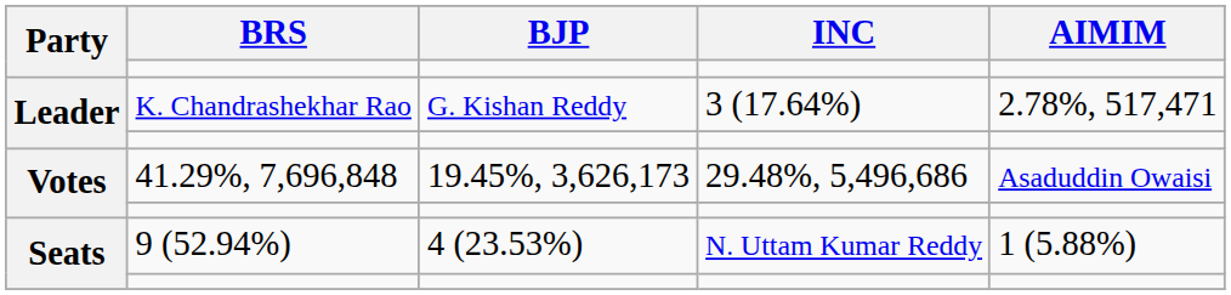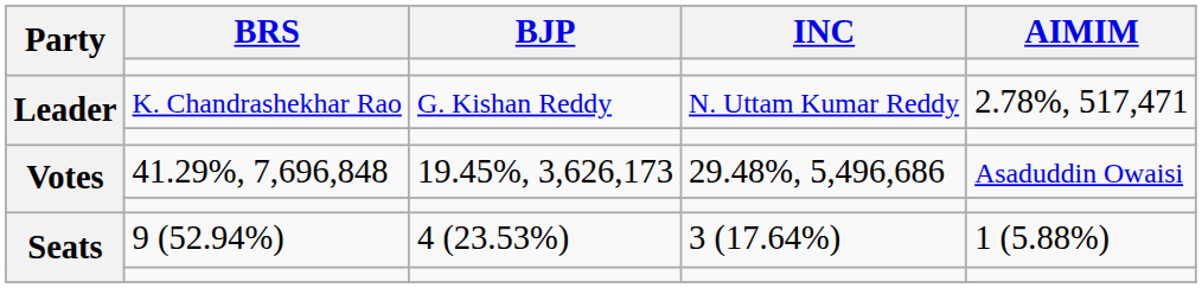 <table class="wikitable">
 <tr>
 <th rowspan="2">Party</th>
 <th><a href='#'>BRS</a></th>
 <th><a href='#'>BJP</a></th>
 <th><a href='#'>INC</a></th>
 <th><a href='#'>AIMIM</a></th>
 </tr>
 <tr>
 <td style="background-color:"></td>
 <td style="background-color:"></td>
 <td style="background-color:"></td>
 <td style="background-color:"></td>
 </tr>
 <tr>
 <th rowspan="2">Leader</th>
 <td><small><a href='#'>K. Chandrashekhar Rao</a></small></td>
 <td><small><a href='#'>G. Kishan Reddy</a></small></td>
-<td>3 (17.64%)</td>
+<td><small><a href='#'>N. Uttam Kumar Reddy</a></small></td>
 <td>2.78%, 517,471</td>
 </tr>
 <tr>
 <td></td>
 <td></td>
 <td></td>
 <td></td>
 </tr>
 <tr>
 <th rowspan="2">Votes</th>
 <td>41.29%, 7,696,848</td>
 <td>19.45%, 3,626,173</td>
 <td>29.48%, 5,496,686</td>
 <td><small><a href='#'>Asaduddin Owaisi</a></small></td>
 </tr>
 <tr>
 <td></td>
 <td></td>
 <td></td>
 <td></td>
 </tr>
 <tr>
 <th rowspan="2">Seats</th>
 <td>9 (52.94%)</td>
 <td>4 (23.53%)</td>
-<td><small><a href='#'>N. Uttam Kumar Reddy</a></small></td>
+<td>3 (17.64%)</td>
 <td>1 (5.88%)</td>
 </tr>
 <tr>
 <td></td>
 <td></td>
 <td></td>
 <td></td>
 </tr>
 </table>
